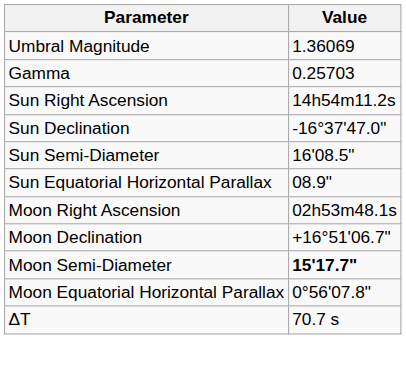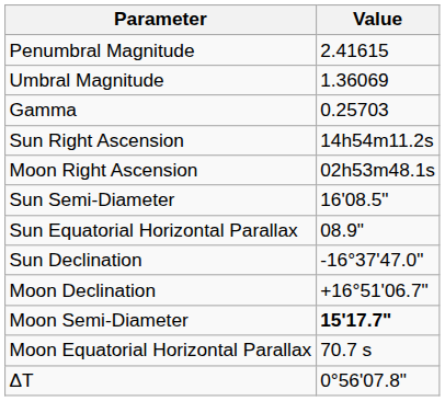 <table class="wikitable">
 <tr>
 <th>Parameter</th>
 <th>Value</th>
+</tr>
+<tr>
+<td>Penumbral Magnitude</td>
+<td>2.41615</td>
 </tr>
 <tr>
 <td>Umbral Magnitude</td>
 <td>1.36069</td>
 </tr>
 <tr>
 <td>Gamma</td>
 <td>0.25703</td>
 </tr>
 <tr>
 <td>Sun Right Ascension</td>
 <td>14h54m11.2s</td>
 </tr>
 <tr>
-<td>Sun Declination</td>
-<td>-16°37'47.0"</td>
+<td>Moon Right Ascension</td>
+<td>02h53m48.1s</td>
 </tr>
 <tr>
 <td>Sun Semi-Diameter</td>
 <td>16'08.5"</td>
 </tr>
 <tr>
 <td>Sun Equatorial Horizontal Parallax</td>
 <td>08.9"</td>
 </tr>
 <tr>
-<td>Moon Right Ascension</td>
-<td>02h53m48.1s</td>
+<td>Sun Declination</td>
+<td>-16°37'47.0"</td>
 </tr>
 <tr>
 <td>Moon Declination</td>
 <td>+16°51'06.7"</td>
 </tr>
 <tr>
 <td>Moon Semi-Diameter</td>
 <td><strong>15'17.7"</strong></td>
 </tr>
 <tr>
 <td>Moon Equatorial Horizontal Parallax</td>
-<td>0°56'07.8"</td>
+<td>70.7 s</td>
 </tr>
 <tr>
 <td>ΔT</td>
-<td>70.7 s</td>
+<td>0°56'07.8"</td>
 </tr>
 </table>
